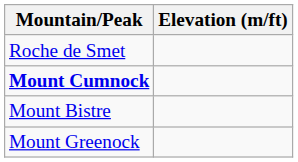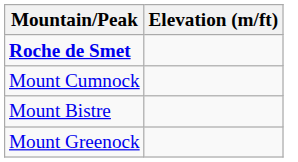 <table class="wikitable">
 <tr>
 <th>Mountain/Peak</th>
 <th colspan=2>Elevation (m/ft)</th>
 </tr>
 <tr>
-<td><a href='#'>Roche de Smet</a></td>
+<td><strong><a href='#'>Roche de Smet</a></strong></td>
 <td></td>
 </tr>
 <tr>
-<td><strong><a href='#'>Mount Cumnock</a></strong></td>
+<td><a href='#'>Mount Cumnock</a></td>
 <td></td>
 </tr>
 <tr>
 <td><a href='#'>Mount Bistre</a></td>
 <td></td>
 </tr>
 <tr>
 <td><a href='#'>Mount Greenock</a></td>
 <td></td>
 </tr>
 </table>
